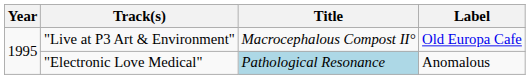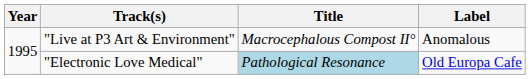 <table class="wikitable">
 <tr>
 <th>Year</th>
 <th>Track(s)</th>
 <th>Title</th>
 <th>Label</th>
 </tr>
 <tr>
 <td rowspan="2">1995</td>
 <td>"Live at P3 Art & Environment"</td>
 <td><em>Macrocephalous Compost II°</em></td>
-<td><a href='#'>Old Europa Cafe</a></td>
+<td>Anomalous</td>
 </tr>
 <tr>
 <td>"Electronic Love Medical"</td>
 <td style="background: lightblue;"><em>Pathological Resonance</em></td>
-<td>Anomalous</td>
+<td><a href='#'>Old Europa Cafe</a></td>
 </tr>
 </table>
